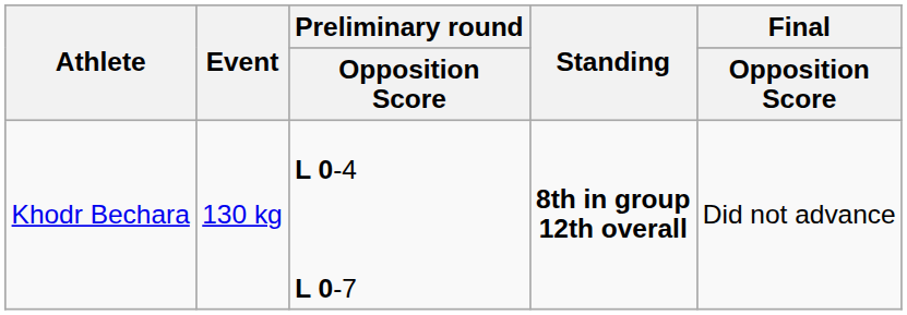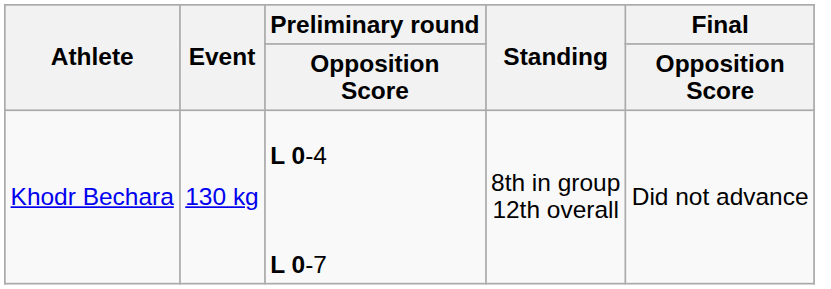 <table class=wikitable style="font-size:90%">
 <tr>
 <th rowspan="2">Athlete</th>
 <th rowspan="2">Event</th>
 <th>Preliminary round</th>
 <th rowspan="2">Standing</th>
 <th>Final</th>
 </tr>
 <tr>
 <th>Opposition <br>Score</th>
 <th>Opposition <br>Score</th>
 </tr>
 <tr>
 <td><a href='#'>Khodr Bechara</a><br></td>
 <td><a href='#'>130 kg</a></td>
 <td><br><strong>L 0</strong>-4<br><br><br><br><strong>L 0</strong>-7</td>
-<td align=center><strong>8th in group<br>12th overall</strong></td>
+<td align=center>8th in group<br>12th overall</td>
 <td align=center>Did not advance</td>
 </tr>
 </table>
